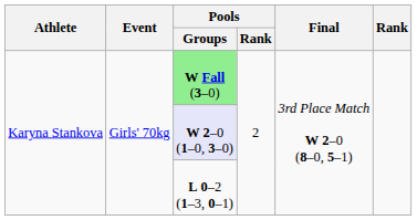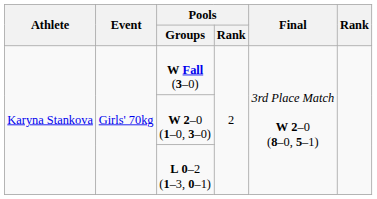 <table class="wikitable" style="text-align:left; font-size:90%">
 <tr>
 <th rowspan="2">Athlete</th>
 <th rowspan="2">Event</th>
 <th colspan="2">Pools</th>
 <th rowspan="2">Final</th>
 <th rowspan="2">Rank</th>
 </tr>
 <tr>
 <th>Groups</th>
 <th>Rank</th>
 </tr>
 <tr>
 <td rowspan="3"><a href='#'>Karyna Stankova</a></td>
 <td rowspan="3"><a href='#'>Girls' 70kg</a></td>
-<td align=center style="background: lightgreen;"><br><strong>W</strong> <strong><a href='#'>Fall</a></strong><br>(<strong>3</strong>–0)</td>
+<td align=center><br><strong>W</strong> <strong><a href='#'>Fall</a></strong><br>(<strong>3</strong>–0)</td>
 <td rowspan="3" align=center>2</td>
 <td align=center rowspan=3><em>3rd Place Match</em><br><br><strong>W</strong> <strong>2</strong>–0<br>(<strong>8</strong>–0, <strong>5</strong>–1)</td>
 <td rowspan="3" align="center"></td>
 </tr>
 <tr>
-<td align=center style="background: lavender;"><br><strong>W</strong> <strong>2</strong>–0<br>(<strong>1</strong>–0, <strong>3</strong>–0)</td>
+<td align=center><br><strong>W</strong> <strong>2</strong>–0<br>(<strong>1</strong>–0, <strong>3</strong>–0)</td>
 </tr>
 <tr>
 <td align=center><br><strong>L</strong> <strong>0</strong>–2<br>(<strong>1</strong>–3, <strong>0</strong>–1)</td>
 </tr>
 </table>
